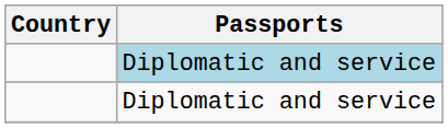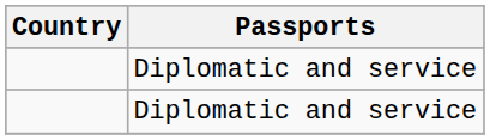 <table class="wikitable">
 <tr>
 <th>Country</th>
 <th>Passports</th>
 </tr>
 <tr>
 <td></td>
-<td style="background: lightblue;">Diplomatic and service</td>
+<td>Diplomatic and service</td>
 </tr>
 <tr>
 <td></td>
 <td>Diplomatic and service</td>
 </tr>
 <tr>
 </tr>
 </table>
